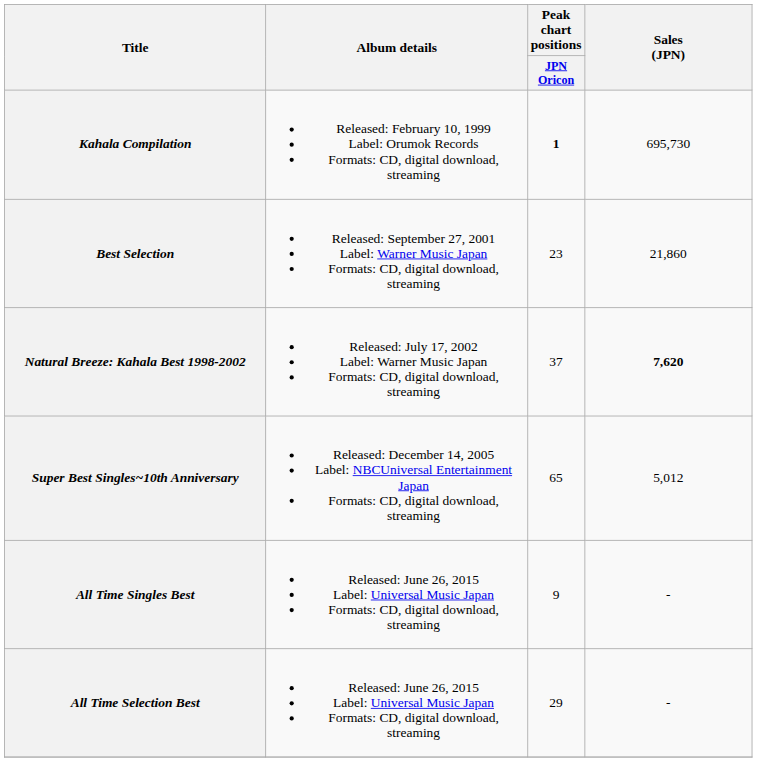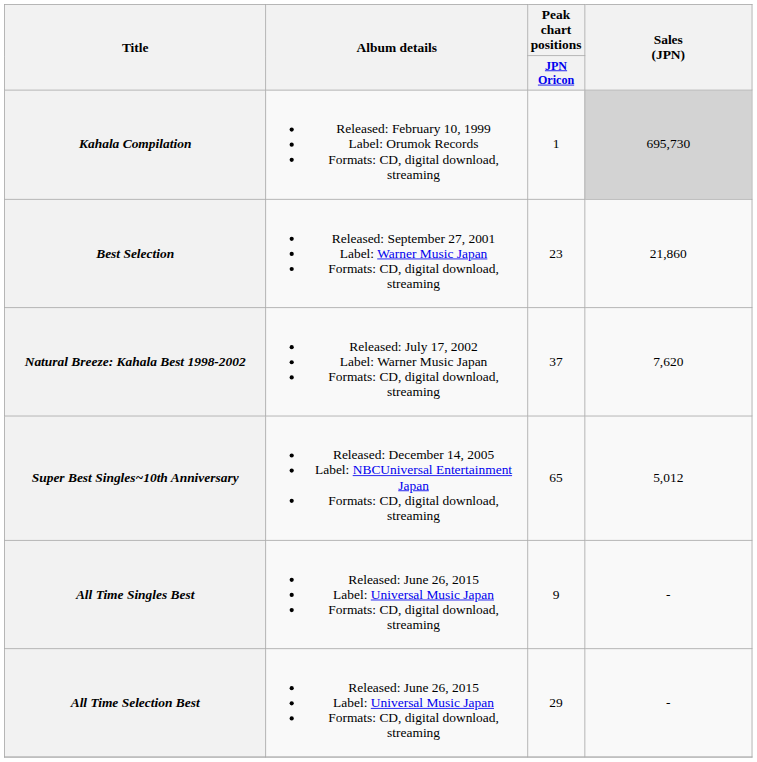 <table class="wikitable plainrowheaders" style="text-align:center;">
 <tr>
 <th scope="col" rowspan="2" style="width:19em;">Title</th>
 <th scope="col" rowspan="2" style="width:19em;">Album details</th>
 <th colspan="1">Peak<br>chart<br>positions</th>
 <th style="width:12em;" rowspan="2">Sales<br>(JPN)</th>
 </tr>
 <tr>
 <th scope="col" style="width:2.9em;font-size:90%;"><a href='#'>JPN<br>Oricon</a><br></th>
 </tr>
 <tr>
 <th scope="row"><em>Kahala Compilation</em></th>
 <td><br><ul><li>Released: February 10, 1999</li><li>Label: Orumok Records</li><li>Formats: CD, digital download, streaming</li></ul></td>
-<td><strong>1</strong></td>
-<td>695,730</td>
+<td>1</td>
+<td style="background: lightgrey;">695,730</td>
 </tr>
 <tr>
 <th scope="row"><em>Best Selection</em></th>
 <td><br><ul><li>Released: September 27, 2001</li><li>Label: <a href='#'>Warner Music Japan</a></li><li>Formats: CD, digital download, streaming</li></ul></td>
 <td>23</td>
 <td>21,860</td>
 </tr>
 <tr>
 <th scope="row"><em>Natural Breeze: Kahala Best 1998-2002</em></th>
 <td><br><ul><li>Released: July 17, 2002</li><li>Label: Warner Music Japan</li><li>Formats: CD, digital download, streaming</li></ul></td>
 <td>37</td>
-<td><strong>7,620</strong></td>
+<td>7,620</td>
 </tr>
 <tr>
 <th scope="row"><em>Super Best Singles~10th Anniversary</em></th>
 <td><br><ul><li>Released: December 14, 2005</li><li>Label: <a href='#'>NBCUniversal Entertainment Japan</a></li><li>Formats: CD, digital download, streaming</li></ul></td>
 <td>65</td>
 <td>5,012</td>
 </tr>
 <tr>
 <th scope="row"><em>All Time Singles Best</em></th>
 <td><br><ul><li>Released: June 26, 2015</li><li>Label: <a href='#'>Universal Music Japan</a></li><li>Formats: CD, digital download, streaming</li></ul></td>
 <td>9</td>
 <td>-</td>
 </tr>
 <tr>
 <th scope="row"><em>All Time Selection Best</em></th>
 <td><br><ul><li>Released: June 26, 2015</li><li>Label: <a href='#'>Universal Music Japan</a></li><li>Formats: CD, digital download, streaming</li></ul></td>
 <td>29</td>
 <td>-</td>
 </tr>
 <tr>
 </tr>
 </table>
